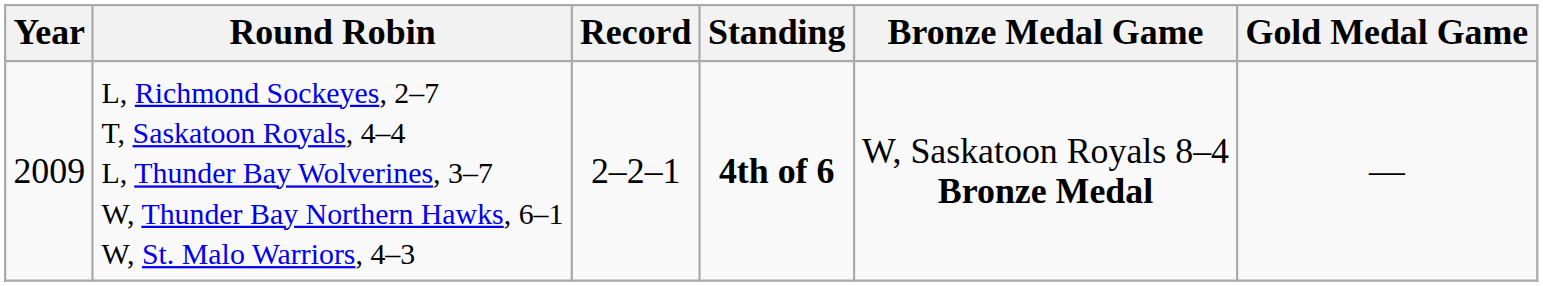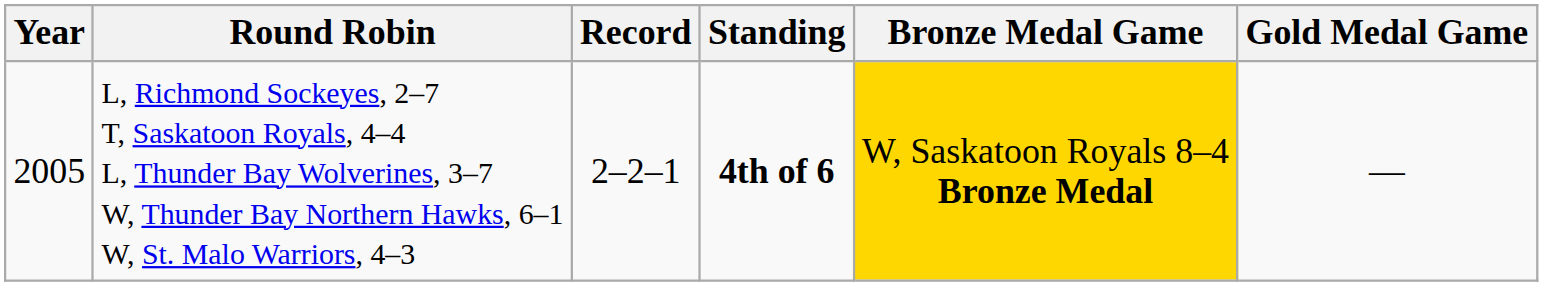 <table class="wikitable" style="text-align:center">
 <tr>
 <th>Year</th>
 <th>Round Robin</th>
 <th>Record</th>
 <th>Standing</th>
 <th>Bronze Medal Game</th>
 <th>Gold Medal Game</th>
 </tr>
 <tr>
-<td>2009</td>
+<td>2005</td>
 <td align=left><small>L, <a href='#'>Richmond Sockeyes</a>, 2–7<br>T, <a href='#'>Saskatoon Royals</a>, 4–4<br>L, <a href='#'>Thunder Bay Wolverines</a>, 3–7<br>W, <a href='#'>Thunder Bay Northern Hawks</a>, 6–1<br>W, <a href='#'>St. Malo Warriors</a>, 4–3</small></td>
 <td>2–2–1</td>
 <td><strong>4th of 6</strong></td>
-<td>W, Saskatoon Royals 8–4<br><strong>Bronze Medal</strong></td>
+<td style="background: gold;">W, Saskatoon Royals 8–4<br><strong>Bronze Medal</strong></td>
 <td>—</td>
 </tr>
 </table>
